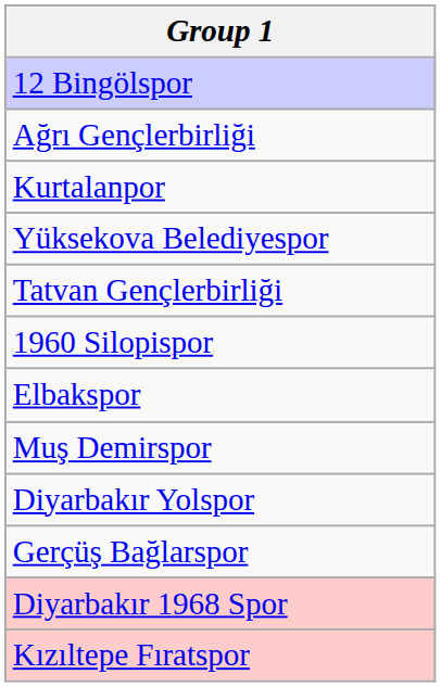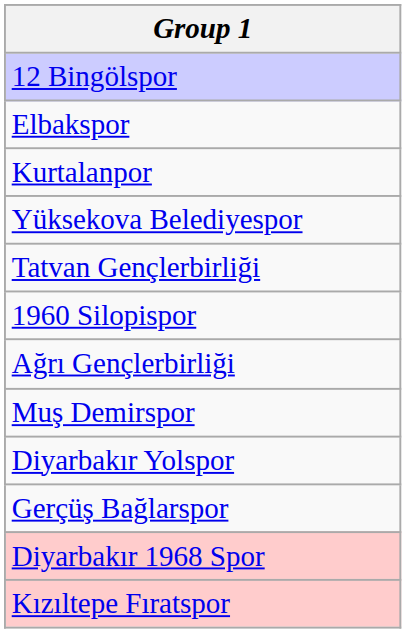 <table class="wikitable collapsible collapsed" style="font-size:95%;">
 <tr>
 <th colspan="1" width="200"><em>Group 1</em></th>
 </tr>
 <tr>
 <td style="background:#ccccff;"><a href='#'>12 Bingölspor</a></td>
 </tr>
 <tr>
-<td><a href='#'>Ağrı Gençlerbirliği</a></td>
+<td><a href='#'>Elbakspor</a></td>
 </tr>
 <tr>
 <td><a href='#'>Kurtalanpor</a></td>
 </tr>
 <tr>
 <td><a href='#'>Yüksekova Belediyespor</a></td>
 </tr>
 <tr>
 <td><a href='#'>Tatvan Gençlerbirliği</a></td>
 </tr>
 <tr>
 <td><a href='#'>1960 Silopispor</a></td>
 </tr>
 <tr>
-<td><a href='#'>Elbakspor</a></td>
+<td><a href='#'>Ağrı Gençlerbirliği</a></td>
 </tr>
 <tr>
 <td><a href='#'>Muş Demirspor</a></td>
 </tr>
 <tr>
 <td><a href='#'>Diyarbakır Yolspor</a></td>
 </tr>
 <tr>
 <td><a href='#'>Gerçüş Bağlarspor</a></td>
 </tr>
 <tr>
 <td style="background:#fcc;"><a href='#'>Diyarbakır 1968 Spor</a></td>
 </tr>
 <tr>
 <td style="background:#fcc;"><a href='#'>Kızıltepe Fıratspor</a></td>
 </tr>
 </table>
